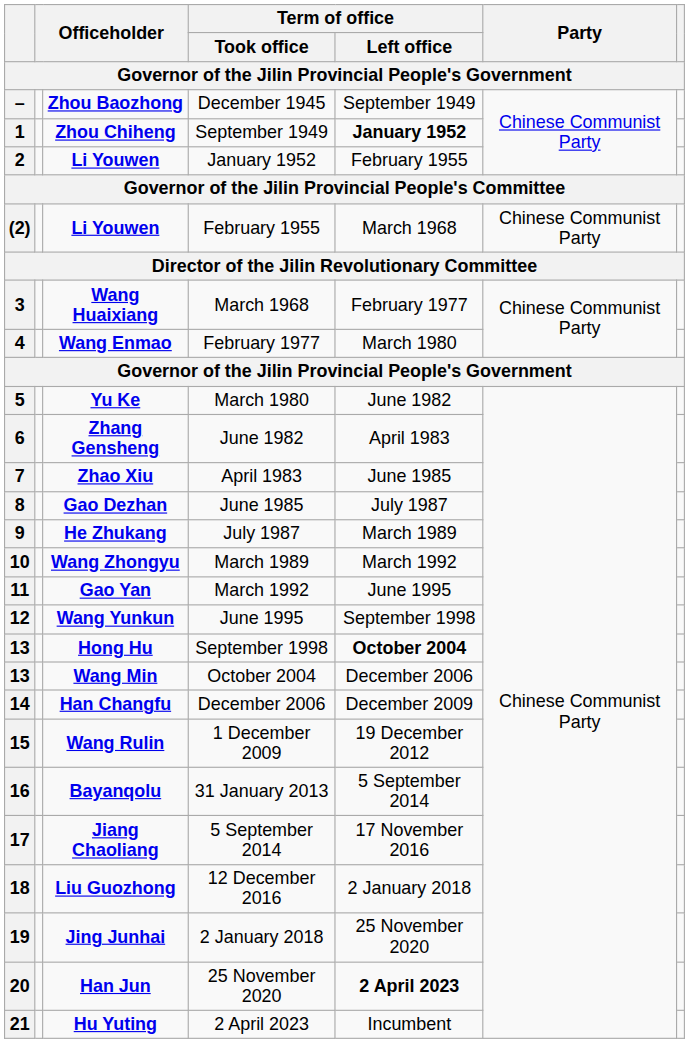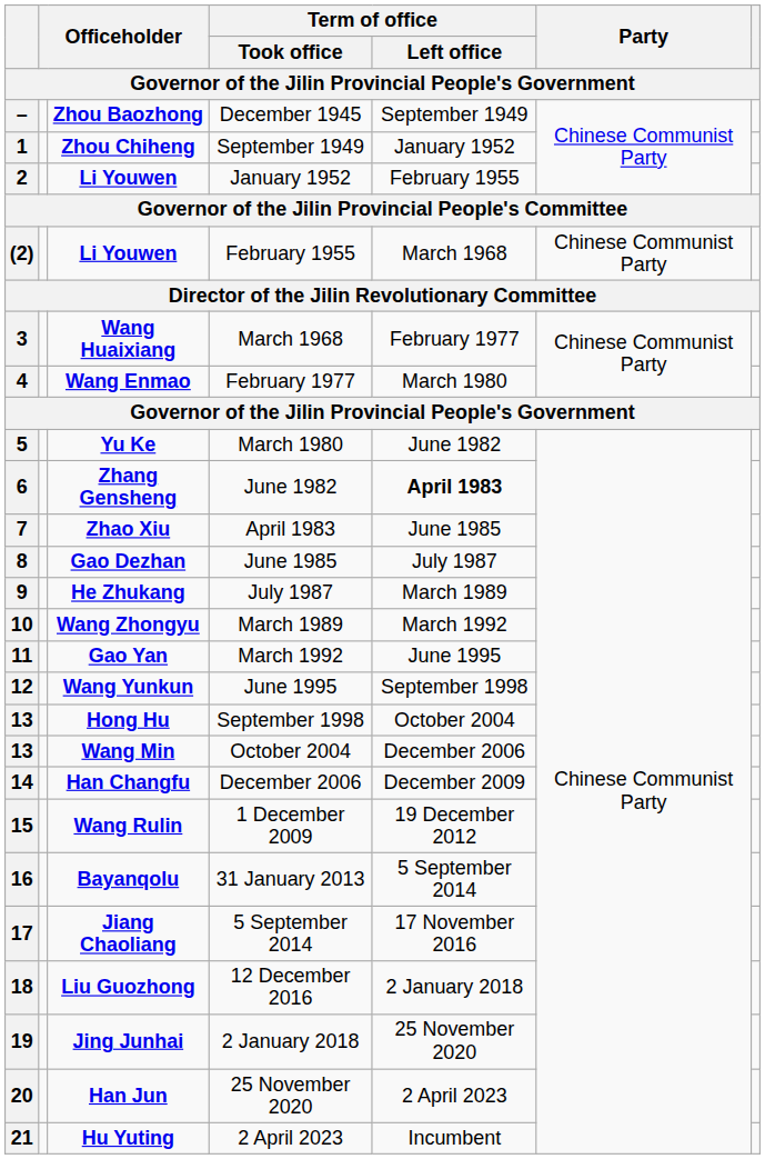 <table class="wikitable" style="text-align:center">
 <tr>
 <th rowspan="2"></th>
 <th colspan="2" rowspan="2">Officeholder</th>
 <th colspan="2">Term of office</th>
 <th rowspan="2">Party</th>
 <th rowspan="2"></th>
 </tr>
 <tr>
 <th>Took office</th>
 <th>Left office</th>
 </tr>
 <tr>
 <th colspan="7">Governor of the Jilin Provincial People's Government</th>
 </tr>
 <tr>
 <th>–</th>
 <td></td>
 <td><strong><a href='#'>Zhou Baozhong</a></strong><br></td>
 <td>December 1945</td>
 <td>September 1949</td>
 <td rowspan="3"><a href='#'>Chinese Communist Party</a></td>
 <td></td>
 </tr>
 <tr>
 <th>1</th>
 <td></td>
 <td><strong><a href='#'>Zhou Chiheng</a></strong><br></td>
 <td>September 1949</td>
-<td><strong>January 1952</strong></td>
+<td>January 1952</td>
 <td></td>
 </tr>
 <tr>
 <th>2</th>
 <td></td>
 <td><strong><a href='#'>Li Youwen</a></strong><br></td>
 <td>January 1952</td>
 <td>February 1955</td>
 <td></td>
 </tr>
 <tr>
 <th colspan="7">Governor of the Jilin Provincial People's Committee</th>
 </tr>
 <tr>
 <th>(2)</th>
 <td></td>
 <td><strong><a href='#'>Li Youwen</a></strong><br></td>
 <td>February 1955</td>
 <td>March 1968</td>
 <td>Chinese Communist Party</td>
 <td></td>
 </tr>
 <tr>
 <th colspan="7">Director of the Jilin Revolutionary Committee</th>
 </tr>
 <tr>
 <th>3</th>
 <td></td>
 <td><strong><a href='#'>Wang Huaixiang</a></strong><br></td>
 <td>March 1968</td>
 <td>February 1977</td>
 <td rowspan="2">Chinese Communist Party</td>
 <td></td>
 </tr>
 <tr>
 <th>4</th>
 <td></td>
 <td><strong><a href='#'>Wang Enmao</a></strong><br></td>
 <td>February 1977</td>
 <td>March 1980</td>
 <td></td>
 </tr>
 <tr>
 <th colspan="7">Governor of the Jilin Provincial People's Government</th>
 </tr>
 <tr>
 <th>5</th>
 <td></td>
 <td><strong><a href='#'>Yu Ke</a></strong><br></td>
 <td>March 1980</td>
 <td>June 1982</td>
 <td rowspan="18">Chinese Communist Party</td>
 <td></td>
 </tr>
 <tr>
 <th>6</th>
 <td></td>
 <td><strong><a href='#'>Zhang Gensheng</a></strong><br></td>
 <td>June 1982</td>
-<td>April 1983</td>
+<td><strong>April 1983</strong></td>
 <td></td>
 </tr>
 <tr>
 <th>7</th>
 <td></td>
 <td><strong><a href='#'>Zhao Xiu</a></strong><br></td>
 <td>April 1983</td>
 <td>June 1985</td>
 <td></td>
 </tr>
 <tr>
 <th>8</th>
 <td></td>
 <td><strong><a href='#'>Gao Dezhan</a></strong><br></td>
 <td>June 1985</td>
 <td>July 1987</td>
 <td></td>
 </tr>
 <tr>
 <th>9</th>
 <td></td>
 <td><strong><a href='#'>He Zhukang</a></strong><br></td>
 <td>July 1987</td>
 <td>March 1989</td>
 <td></td>
 </tr>
 <tr>
 <th>10</th>
 <td></td>
 <td><strong><a href='#'>Wang Zhongyu</a></strong><br></td>
 <td>March 1989</td>
 <td>March 1992</td>
 <td></td>
 </tr>
 <tr>
 <th>11</th>
 <td></td>
 <td><strong><a href='#'>Gao Yan</a></strong><br></td>
 <td>March 1992</td>
 <td>June 1995</td>
 <td></td>
 </tr>
 <tr>
 <th>12</th>
 <td></td>
 <td><strong><a href='#'>Wang Yunkun</a></strong><br></td>
 <td>June 1995</td>
 <td>September 1998</td>
 <td></td>
 </tr>
 <tr>
 <th>13</th>
 <td></td>
 <td><strong><a href='#'>Hong Hu</a></strong><br></td>
 <td>September 1998</td>
-<td><strong>October 2004</strong></td>
+<td>October 2004</td>
 <td></td>
 </tr>
 <tr>
 <th>13</th>
 <td></td>
 <td><strong><a href='#'>Wang Min</a></strong><br></td>
 <td>October 2004</td>
 <td>December 2006</td>
 <td></td>
 </tr>
 <tr>
 <th>14</th>
 <td></td>
 <td><strong><a href='#'>Han Changfu</a></strong><br></td>
 <td>December 2006</td>
 <td>December 2009</td>
 <td></td>
 </tr>
 <tr>
 <th>15</th>
 <td></td>
 <td><strong><a href='#'>Wang Rulin</a></strong><br></td>
 <td>1 December 2009</td>
 <td>19 December 2012</td>
 <td></td>
 </tr>
 <tr>
 <th>16</th>
 <td></td>
 <td><strong><a href='#'>Bayanqolu</a></strong><br></td>
 <td>31 January 2013</td>
 <td>5 September 2014</td>
 <td></td>
 </tr>
 <tr>
 <th>17</th>
 <td></td>
 <td><strong><a href='#'>Jiang Chaoliang</a></strong><br></td>
 <td>5 September 2014</td>
 <td>17 November 2016</td>
 <td></td>
 </tr>
 <tr>
 <th>18</th>
 <td></td>
 <td><strong><a href='#'>Liu Guozhong</a></strong><br></td>
 <td>12 December 2016</td>
 <td>2 January 2018</td>
 <td></td>
 </tr>
 <tr>
 <th>19</th>
 <td></td>
 <td><strong><a href='#'>Jing Junhai</a></strong><br></td>
 <td>2 January 2018</td>
 <td>25 November 2020</td>
 <td></td>
 </tr>
 <tr>
 <th>20</th>
 <td></td>
 <td><strong><a href='#'>Han Jun</a></strong><br></td>
 <td>25 November 2020</td>
-<td><strong>2 April 2023</strong></td>
+<td>2 April 2023</td>
 <td></td>
 </tr>
 <tr>
 <th>21</th>
 <td></td>
 <td><strong><a href='#'>Hu Yuting</a></strong><br></td>
 <td>2 April 2023</td>
 <td>Incumbent</td>
 <td></td>
 </tr>
 </table>
